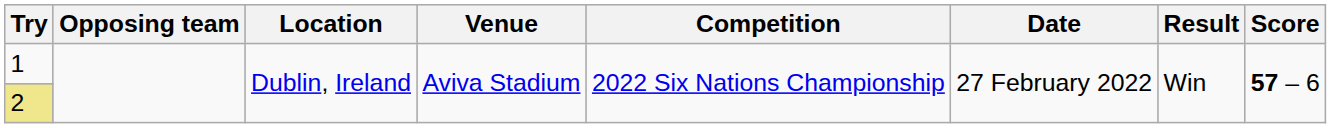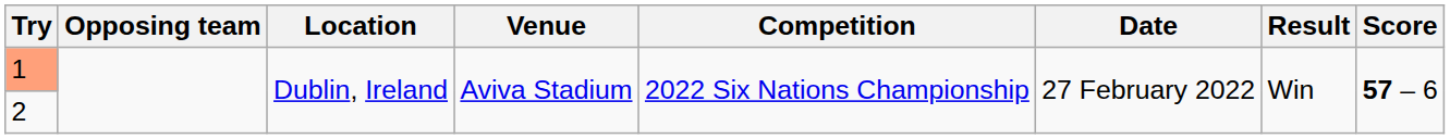 <table class="wikitable" style="font-size:100%">
 <tr>
 <th>Try</th>
 <th>Opposing team</th>
 <th>Location</th>
 <th>Venue</th>
 <th>Competition</th>
 <th>Date</th>
 <th>Result</th>
 <th>Score</th>
 </tr>
 <tr>
-<td>1</td>
+<td style="background: lightsalmon;">1</td>
 <td rowspan="2"></td>
 <td rowspan="2"><a href='#'>Dublin</a>, <a href='#'>Ireland</a></td>
 <td rowspan="2"><a href='#'>Aviva Stadium</a></td>
 <td rowspan="2"><a href='#'>2022 Six Nations Championship</a></td>
 <td rowspan="2">27 February 2022</td>
 <td rowspan="2">Win</td>
 <td rowspan="2"><strong>57</strong> – 6</td>
 </tr>
 <tr>
-<td style="background: khaki;">2</td>
+<td>2</td>
 </tr>
 </table>
